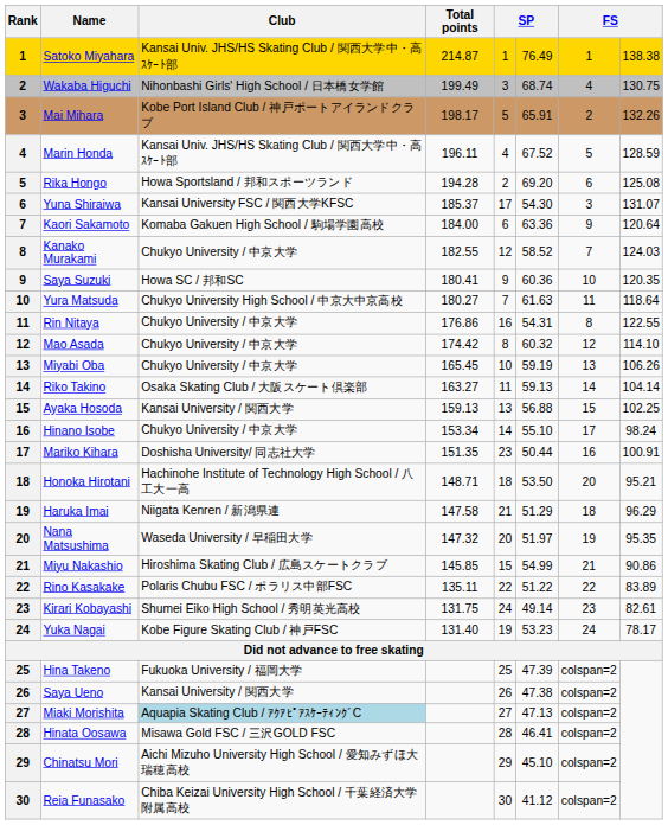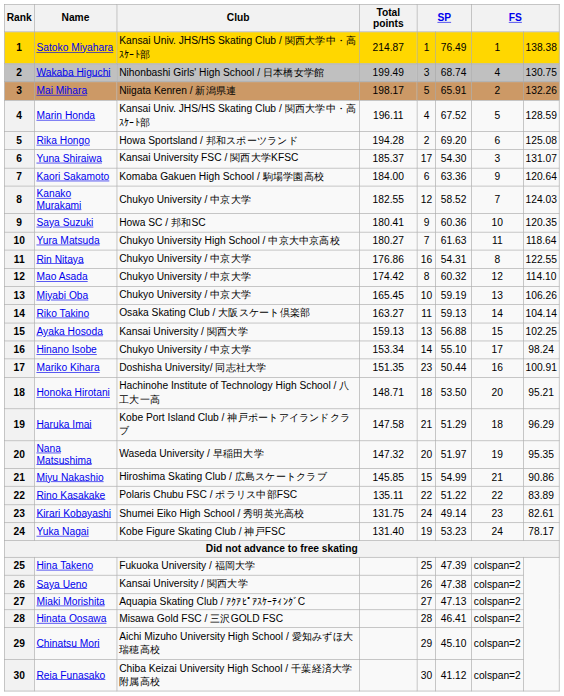 <table class="wikitable sortable">
 <tr>
 <th>Rank</th>
 <th>Name</th>
 <th>Club</th>
 <th>Total points</th>
 <th colspan="2" width="80px"><a href='#'>SP</a></th>
 <th colspan="2" width="80px"><a href='#'>FS</a></th>
 </tr>
 <tr bgcolor="gold">
 <td align="center"><strong>1</strong></td>
 <td><a href='#'>Satoko Miyahara</a></td>
 <td>Kansai Univ. JHS/HS Skating Club / 関西大学中・高ｽｹｰﾄ部</td>
 <td align="center">214.87</td>
 <td align="center">1</td>
 <td align="center">76.49</td>
 <td align="center">1</td>
 <td align="center">138.38</td>
 </tr>
 <tr bgcolor="silver">
 <td align="center"><strong>2</strong></td>
 <td><a href='#'>Wakaba Higuchi</a></td>
 <td>Nihonbashi Girls' High School / 日本橋女学館</td>
 <td align="center">199.49</td>
 <td align="center">3</td>
 <td align="center">68.74</td>
 <td align="center">4</td>
 <td align="center">130.75</td>
 </tr>
 <tr bgcolor="cc9966">
 <td align="center"><strong>3</strong></td>
 <td><a href='#'>Mai Mihara</a></td>
-<td>Kobe Port Island Club / 神戸ポートアイランドクラブ</td>
+<td>Niigata Kenren / 新潟県連</td>
 <td align="center">198.17</td>
 <td align="center">5</td>
 <td align="center">65.91</td>
 <td align="center">2</td>
 <td align="center">132.26</td>
 </tr>
 <tr>
 <th>4</th>
 <td><a href='#'>Marin Honda</a></td>
 <td>Kansai Univ. JHS/HS Skating Club / 関西大学中・高ｽｹｰﾄ部</td>
 <td align="center">196.11</td>
 <td align="center">4</td>
 <td align="center">67.52</td>
 <td align="center">5</td>
 <td align="center">128.59</td>
 </tr>
 <tr>
 <th>5</th>
 <td><a href='#'>Rika Hongo</a></td>
 <td>Howa Sportsland / 邦和スポーツランド</td>
 <td align="center">194.28</td>
 <td align="center">2</td>
 <td align="center">69.20</td>
 <td align="center">6</td>
 <td align="center">125.08</td>
 </tr>
 <tr>
 <th>6</th>
 <td><a href='#'>Yuna Shiraiwa</a></td>
 <td>Kansai University FSC / 関西大学KFSC</td>
 <td align="center">185.37</td>
 <td align="center">17</td>
 <td align="center">54.30</td>
 <td align="center">3</td>
 <td align="center">131.07</td>
 </tr>
 <tr>
 <th>7</th>
 <td><a href='#'>Kaori Sakamoto</a></td>
 <td>Komaba Gakuen High School / 駒場学園高校</td>
 <td align="center">184.00</td>
 <td align="center">6</td>
 <td align="center">63.36</td>
 <td align="center">9</td>
 <td align="center">120.64</td>
 </tr>
 <tr>
 <th>8</th>
 <td><a href='#'>Kanako Murakami</a></td>
 <td>Chukyo University / 中京大学</td>
 <td align="center">182.55</td>
 <td align="center">12</td>
 <td align="center">58.52</td>
 <td align="center">7</td>
 <td align="center">124.03</td>
 </tr>
 <tr>
 <th>9</th>
 <td><a href='#'>Saya Suzuki</a></td>
 <td>Howa SC / 邦和SC</td>
 <td align="center">180.41</td>
 <td align="center">9</td>
 <td align="center">60.36</td>
 <td align="center">10</td>
 <td align="center">120.35</td>
 </tr>
 <tr>
 <th>10</th>
 <td><a href='#'>Yura Matsuda</a></td>
 <td>Chukyo University High School / 中京大中京高校</td>
 <td align="center">180.27</td>
 <td align="center">7</td>
 <td align="center">61.63</td>
 <td align="center">11</td>
 <td align="center">118.64</td>
 </tr>
 <tr>
 <th>11</th>
 <td><a href='#'>Rin Nitaya</a></td>
 <td>Chukyo University / 中京大学</td>
 <td align="center">176.86</td>
 <td align="center">16</td>
 <td align="center">54.31</td>
 <td align="center">8</td>
 <td align="center">122.55</td>
 </tr>
 <tr>
 <th>12</th>
 <td><a href='#'>Mao Asada</a></td>
 <td>Chukyo University / 中京大学</td>
 <td align="center">174.42</td>
 <td align="center">8</td>
 <td align="center">60.32</td>
 <td align="center">12</td>
 <td align="center">114.10</td>
 </tr>
 <tr>
 <th>13</th>
 <td><a href='#'>Miyabi Oba</a></td>
 <td>Chukyo University / 中京大学</td>
 <td align="center">165.45</td>
 <td align="center">10</td>
 <td align="center">59.19</td>
 <td align="center">13</td>
 <td align="center">106.26</td>
 </tr>
 <tr>
 <th>14</th>
 <td><a href='#'>Riko Takino</a></td>
 <td>Osaka Skating Club / 大阪スケート倶楽部</td>
 <td align="center">163.27</td>
 <td align="center">11</td>
 <td align="center">59.13</td>
 <td align="center">14</td>
 <td align="center">104.14</td>
 </tr>
 <tr>
 <th>15</th>
 <td><a href='#'>Ayaka Hosoda</a></td>
 <td>Kansai University / 関西大学</td>
 <td align="center">159.13</td>
 <td align="center">13</td>
 <td align="center">56.88</td>
 <td align="center">15</td>
 <td align="center">102.25</td>
 </tr>
 <tr>
 <th>16</th>
 <td><a href='#'>Hinano Isobe</a></td>
 <td>Chukyo University / 中京大学</td>
 <td align="center">153.34</td>
 <td align="center">14</td>
 <td align="center">55.10</td>
 <td align="center">17</td>
 <td align="center">98.24</td>
 </tr>
 <tr>
 <th>17</th>
 <td><a href='#'>Mariko Kihara</a></td>
 <td>Doshisha University/ 同志社大学</td>
 <td align="center">151.35</td>
 <td align="center">23</td>
 <td align="center">50.44</td>
 <td align="center">16</td>
 <td align="center">100.91</td>
 </tr>
 <tr>
 <th>18</th>
 <td><a href='#'>Honoka Hirotani</a></td>
 <td>Hachinohe Institute of Technology High School / 八工大一高</td>
 <td align="center">148.71</td>
 <td align="center">18</td>
 <td align="center">53.50</td>
 <td align="center">20</td>
 <td align="center">95.21</td>
 </tr>
 <tr>
 <th>19</th>
 <td><a href='#'>Haruka Imai</a></td>
-<td>Niigata Kenren / 新潟県連</td>
+<td>Kobe Port Island Club / 神戸ポートアイランドクラブ</td>
 <td align="center">147.58</td>
 <td align="center">21</td>
 <td align="center">51.29</td>
 <td align="center">18</td>
 <td align="center">96.29</td>
 </tr>
 <tr>
 <th>20</th>
 <td><a href='#'>Nana Matsushima</a></td>
 <td>Waseda University / 早稲田大学</td>
 <td align="center">147.32</td>
 <td align="center">20</td>
 <td align="center">51.97</td>
 <td align="center">19</td>
 <td align="center">95.35</td>
 </tr>
 <tr>
 <th>21</th>
 <td><a href='#'>Miyu Nakashio</a></td>
 <td>Hiroshima Skating Club / 広島スケートクラブ</td>
 <td align="center">145.85</td>
 <td align="center">15</td>
 <td align="center">54.99</td>
 <td align="center">21</td>
 <td align="center">90.86</td>
 </tr>
 <tr>
 <th>22</th>
 <td><a href='#'>Rino Kasakake</a></td>
 <td>Polaris Chubu FSC / ポラリス中部FSC</td>
 <td align="center">135.11</td>
 <td align="center">22</td>
 <td align="center">51.22</td>
 <td align="center">22</td>
 <td align="center">83.89</td>
 </tr>
 <tr>
 <th>23</th>
 <td><a href='#'>Kirari Kobayashi</a></td>
 <td>Shumei Eiko High School / 秀明英光高校</td>
 <td align="center">131.75</td>
 <td align="center">24</td>
 <td align="center">49.14</td>
 <td align="center">23</td>
 <td align="center">82.61</td>
 </tr>
 <tr>
 <th>24</th>
 <td><a href='#'>Yuka Nagai</a></td>
 <td>Kobe Figure Skating Club / 神戸FSC</td>
 <td align="center">131.40</td>
 <td align="center">19</td>
 <td align="center">53.23</td>
 <td align="center">24</td>
 <td align="center">78.17</td>
 </tr>
 <tr>
 <th colspan=8>Did not advance to free skating</th>
 </tr>
 <tr>
 <th>25</th>
 <td><a href='#'>Hina Takeno</a></td>
 <td>Fukuoka University / 福岡大学</td>
 <td></td>
 <td align="center">25</td>
 <td align="center">47.39</td>
 <td>colspan=2 </td>
 </tr>
 <tr>
 <th>26</th>
 <td><a href='#'>Saya Ueno</a></td>
 <td>Kansai University / 関西大学</td>
 <td></td>
 <td align="center">26</td>
 <td align="center">47.38</td>
 <td>colspan=2 </td>
 </tr>
 <tr>
 <th>27</th>
 <td><a href='#'>Miaki Morishita</a></td>
-<td style="background: lightblue;">Aquapia Skating Club / ｱｸｱﾋﾟｱｽｹｰﾃｨﾝｸﾞC</td>
+<td>Aquapia Skating Club / ｱｸｱﾋﾟｱｽｹｰﾃｨﾝｸﾞC</td>
 <td></td>
 <td align="center">27</td>
 <td align="center">47.13</td>
 <td>colspan=2 </td>
 </tr>
 <tr>
 <th>28</th>
 <td><a href='#'>Hinata Oosawa</a></td>
 <td>Misawa Gold FSC / 三沢GOLD FSC</td>
 <td></td>
 <td align="center">28</td>
 <td align="center">46.41</td>
 <td>colspan=2 </td>
 </tr>
 <tr>
 <th>29</th>
 <td><a href='#'>Chinatsu Mori</a></td>
 <td>Aichi Mizuho University High School / 愛知みずほ大瑞穂高校</td>
 <td></td>
 <td align="center">29</td>
 <td align="center">45.10</td>
 <td>colspan=2 </td>
 </tr>
 <tr>
 <th>30</th>
 <td><a href='#'>Reia Funasako</a></td>
 <td>Chiba Keizai University High School / 千葉経済大学附属高校</td>
 <td></td>
 <td align="center">30</td>
 <td align="center">41.12</td>
 <td>colspan=2 </td>
 </tr>
 </table>
